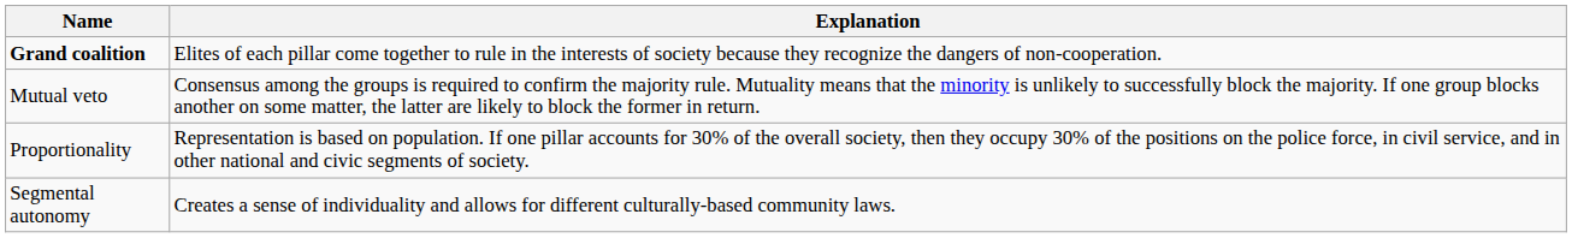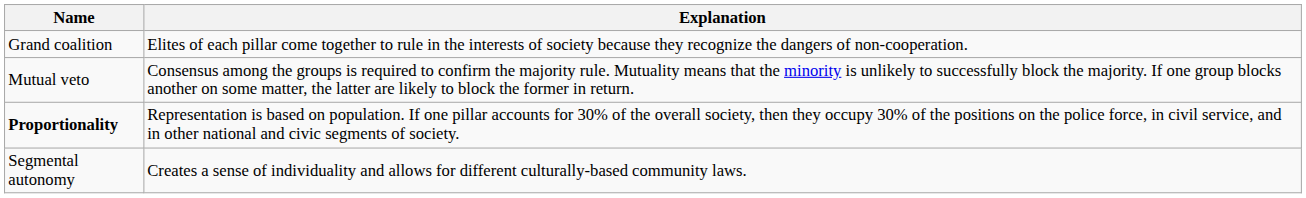 <table class="wikitable" border="1">
 <tr>
 <th>Name</th>
 <th>Explanation</th>
 </tr>
 <tr>
-<td><strong>Grand coalition</strong></td>
+<td>Grand coalition</td>
 <td>Elites of each pillar come together to rule in the interests of society because they recognize the dangers of non-cooperation.</td>
 </tr>
 <tr>
 <td>Mutual veto</td>
 <td>Consensus among the groups is required to confirm the majority rule.  Mutuality means that the <a href='#'>minority</a> is unlikely to successfully block the majority.  If one group blocks another on some matter, the latter are likely to block the former in return.</td>
 </tr>
 <tr>
-<td>Proportionality</td>
+<td><strong>Proportionality</strong></td>
 <td>Representation is based on population. If one pillar accounts for 30% of the overall society, then they occupy 30% of the positions on the police force, in civil service, and in other national and civic segments of society.</td>
 </tr>
 <tr>
 <td>Segmental autonomy</td>
 <td>Creates a sense of individuality and allows for different culturally-based community laws.</td>
 </tr>
 </table>
